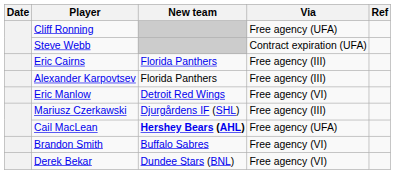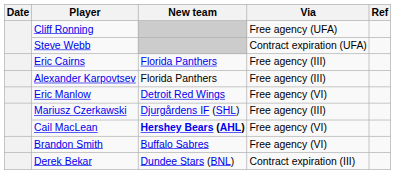 <table class="wikitable plainrowheaders">
 <tr style="background:#ddd; text-align:center;">
 <th>Date</th>
 <th>Player</th>
 <th>New team</th>
 <th>Via</th>
 <th>Ref</th>
 </tr>
 <tr>
 <th scope="row" rowspan=2></th>
 <td><a href='#'>Cliff Ronning</a></td>
 <td style="background:#ccc"></td>
 <td>Free agency (UFA)</td>
 <td></td>
 </tr>
 <tr>
 <td><a href='#'>Steve Webb</a></td>
 <td style="background:#ccc"></td>
 <td>Contract expiration (UFA)</td>
 <td></td>
 </tr>
 <tr>
 <th scope="row"></th>
 <td><a href='#'>Eric Cairns</a></td>
 <td><a href='#'>Florida Panthers</a></td>
 <td>Free agency (III)</td>
 <td></td>
 </tr>
 <tr>
 <th scope="row"></th>
 <td><a href='#'>Alexander Karpovtsev</a></td>
 <td>Florida Panthers</td>
 <td>Free agency (III)</td>
 <td></td>
 </tr>
 <tr>
 <th scope="row"></th>
 <td><a href='#'>Eric Manlow</a></td>
 <td><a href='#'>Detroit Red Wings</a></td>
 <td>Free agency (VI)</td>
 <td></td>
 </tr>
 <tr>
 <th scope="row" rowspan=2></th>
 <td><a href='#'>Mariusz Czerkawski</a></td>
 <td><a href='#'>Djurgårdens IF</a> (<a href='#'>SHL</a>)</td>
 <td>Free agency (III)</td>
 <td></td>
 </tr>
 <tr>
 <td><a href='#'>Cail MacLean</a></td>
 <td><strong><a href='#'>Hershey Bears</a> (<a href='#'>AHL</a>)</strong></td>
-<td>Free agency (UFA)</td>
+<td>Free agency (VI)</td>
 <td></td>
 </tr>
 <tr>
 <th scope="row"></th>
 <td><a href='#'>Brandon Smith</a></td>
 <td><a href='#'>Buffalo Sabres</a></td>
 <td>Free agency (VI)</td>
 <td></td>
 </tr>
 <tr>
 <th scope="row"></th>
 <td><a href='#'>Derek Bekar</a></td>
 <td><a href='#'>Dundee Stars</a> (<a href='#'>BNL</a>)</td>
-<td>Free agency (VI)</td>
+<td>Contract expiration (III)</td>
 <td></td>
 </tr>
 </table>
